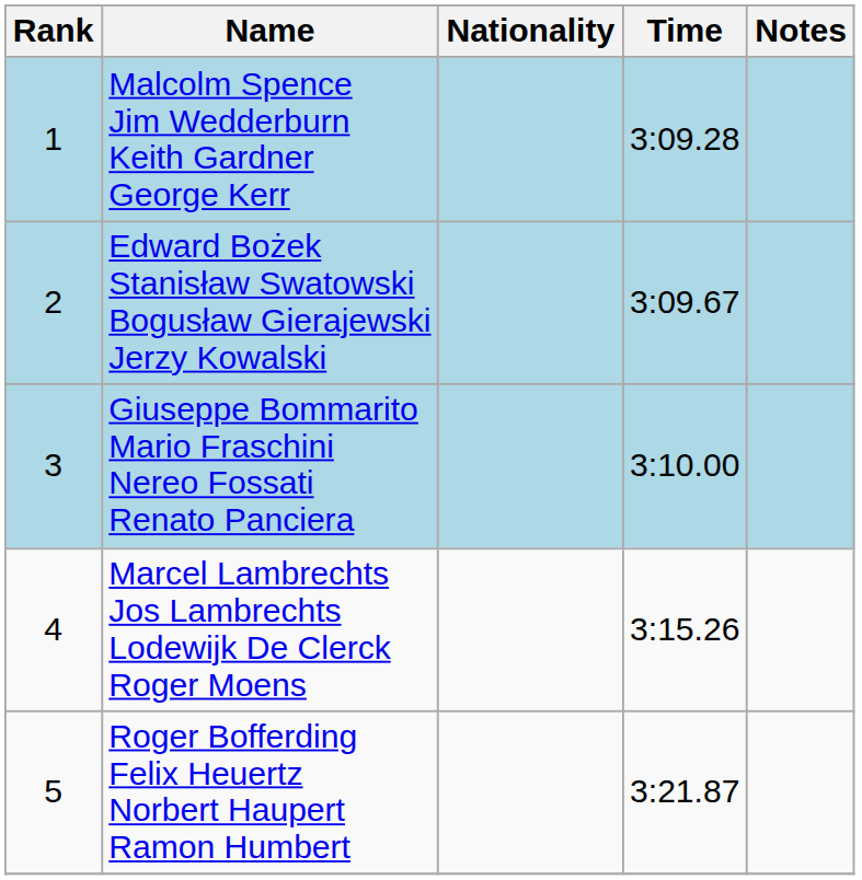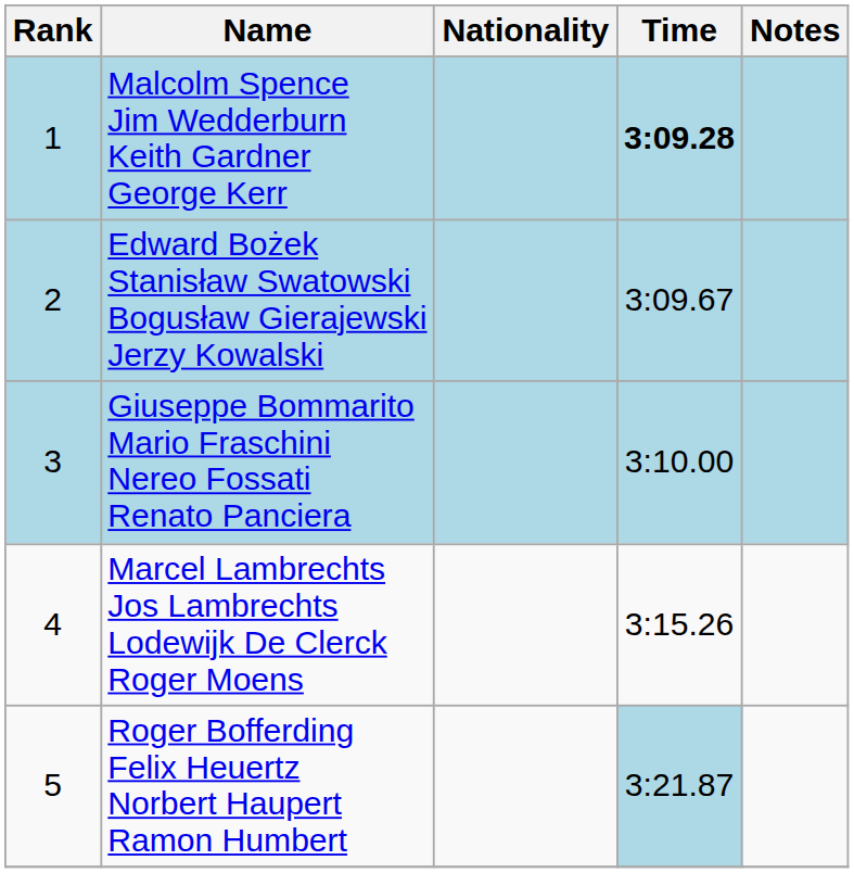 <table class="wikitable sortable" style="text-align:center">
 <tr>
 <th>Rank</th>
 <th>Name</th>
 <th>Nationality</th>
 <th>Time</th>
 <th>Notes</th>
 </tr>
 <tr bgcolor=lightblue>
 <td>1</td>
 <td align=left><a href='#'>Malcolm Spence</a><br><a href='#'>Jim Wedderburn</a><br><a href='#'>Keith Gardner</a><br><a href='#'>George Kerr</a></td>
 <td align=left></td>
-<td>3:09.28</td>
+<td><strong>3:09.28</strong></td>
 <td></td>
 </tr>
 <tr bgcolor=lightblue>
 <td>2</td>
 <td align=left><a href='#'>Edward Bożek</a><br><a href='#'>Stanisław Swatowski</a><br><a href='#'>Bogusław Gierajewski</a><br><a href='#'>Jerzy Kowalski</a></td>
 <td align=left></td>
 <td>3:09.67</td>
 <td></td>
 </tr>
 <tr bgcolor=lightblue>
 <td>3</td>
 <td align=left><a href='#'>Giuseppe Bommarito</a><br><a href='#'>Mario Fraschini</a><br><a href='#'>Nereo Fossati</a><br><a href='#'>Renato Panciera</a></td>
 <td align=left></td>
 <td>3:10.00</td>
 <td></td>
 </tr>
 <tr>
 <td>4</td>
 <td align=left><a href='#'>Marcel Lambrechts</a><br><a href='#'>Jos Lambrechts</a><br><a href='#'>Lodewijk De Clerck</a><br><a href='#'>Roger Moens</a></td>
 <td align=left></td>
 <td>3:15.26</td>
 <td></td>
 </tr>
 <tr>
 <td>5</td>
 <td align=left><a href='#'>Roger Bofferding</a><br><a href='#'>Felix Heuertz</a><br><a href='#'>Norbert Haupert</a><br><a href='#'>Ramon Humbert</a></td>
 <td align=left></td>
-<td>3:21.87</td>
+<td style="background: lightblue;">3:21.87</td>
 <td></td>
 </tr>
 <tr>
 </tr>
 </table>
